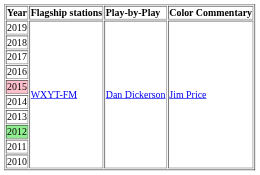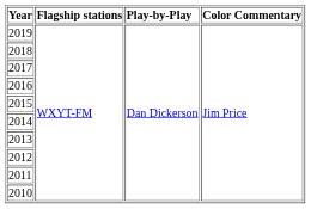 <table border="1" cellpadding="1">
 <tr>
 <td><strong>Year</strong></td>
 <td><strong>Flagship stations</strong></td>
 <td><strong>Play-by-Play</strong></td>
 <td><strong>Color Commentary</strong></td>
 </tr>
 <tr>
 <td>2019</td>
 <td rowspan=10><a href='#'>WXYT-FM</a></td>
 <td rowspan=10><a href='#'>Dan Dickerson</a></td>
 <td rowspan=10><a href='#'>Jim Price</a></td>
 </tr>
 <tr>
 <td>2018</td>
 </tr>
 <tr>
 <td>2017</td>
 </tr>
 <tr>
 <td>2016</td>
 </tr>
 <tr>
-<td style="background: pink;">2015</td>
+<td>2015</td>
 </tr>
 <tr>
 <td>2014</td>
 </tr>
 <tr>
 <td>2013</td>
 </tr>
 <tr>
-<td style="background: lightgreen;">2012</td>
+<td>2012</td>
 </tr>
 <tr>
 <td>2011</td>
 </tr>
 <tr>
 <td>2010</td>
 </tr>
 </table>
